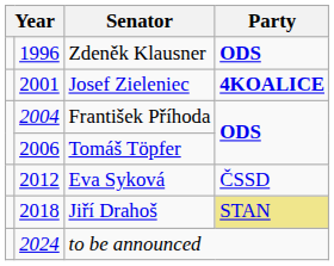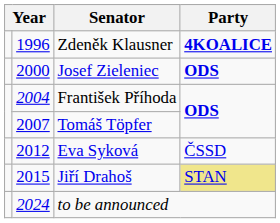 <table class="wikitable">
 <tr>
 <th colspan="2">Year</th>
 <th>Senator</th>
 <th>Party</th>
 </tr>
 <tr>
 <td style="background-color:"></td>
 <td><a href='#'>1996</a></td>
 <td>Zdeněk Klausner</td>
-<td><a href='#'><strong>ODS</strong></a></td>
+<td><a href='#'><strong>4KOALICE</strong></a></td>
 </tr>
 <tr>
 <td style="background-color:"></td>
-<td><a href='#'>2001</a></td>
+<td><a href='#'>2000</a></td>
 <td><a href='#'>Josef Zieleniec</a></td>
-<td><a href='#'><strong>4KOALICE</strong></a></td>
+<td><a href='#'><strong>ODS</strong></a></td>
 </tr>
 <tr>
 <td rowspan="2" style="background-color:"></td>
 <td><em><a href='#'>2004</a></em></td>
 <td>František Příhoda</td>
 <td rowspan="2"><a href='#'><strong>ODS</strong></a></td>
 </tr>
 <tr>
-<td><a href='#'>2006</a></td>
+<td><a href='#'>2007</a></td>
 <td><a href='#'>Tomáš Töpfer</a></td>
 </tr>
 <tr>
 <td style="background-color:"></td>
 <td><a href='#'>2012</a></td>
 <td><a href='#'>Eva Syková</a></td>
 <td><a href='#'>ČSSD</a></td>
 </tr>
 <tr>
 <td style="background-color:"></td>
-<td><a href='#'>2018</a></td>
+<td><a href='#'>2015</a></td>
 <td><a href='#'>Jiří Drahoš</a></td>
 <td style="background: khaki;"><a href='#'>STAN</a></td>
 </tr>
 <tr>
 <td></td>
 <td><em><a href='#'>2024</a></em></td>
 <td colspan="2"><em>to be announced</em></td>
 </tr>
 </table>
